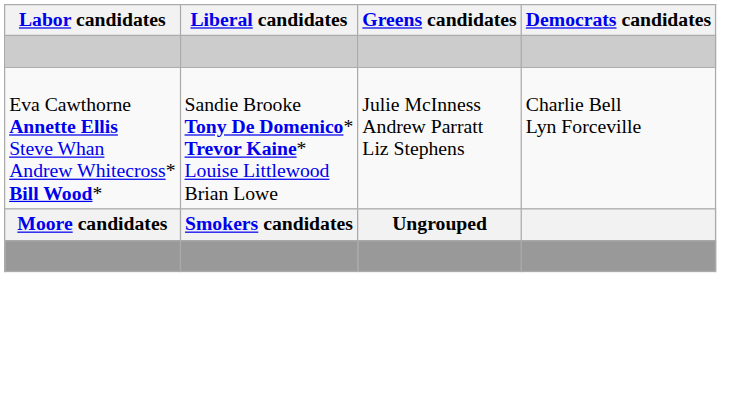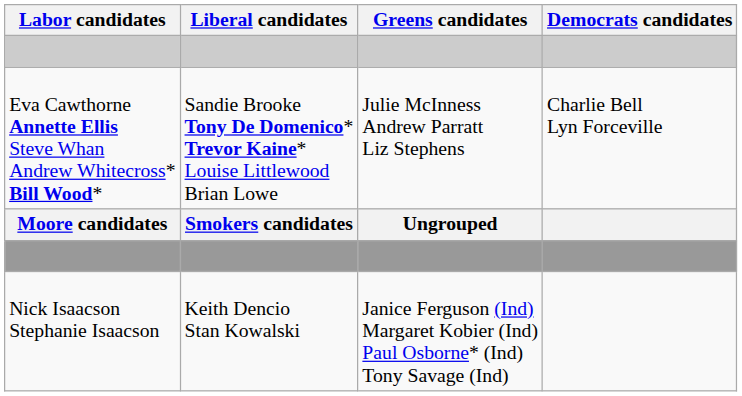 <table class="wikitable">
 <tr>
 <th><a href='#'>Labor</a> candidates</th>
 <th><a href='#'>Liberal</a> candidates</th>
 <th><a href='#'>Greens</a> candidates</th>
 <th><a href='#'>Democrats</a> candidates</th>
 </tr>
 <tr bgcolor="#cccccc">
 <td></td>
 <td></td>
 <td></td>
 <td> </td>
 </tr>
 <tr>
 <td><br>Eva Cawthorne <br> <strong><a href='#'>Annette Ellis</a></strong> <br> <a href='#'>Steve Whan</a> <br> <a href='#'>Andrew Whitecross</a>* <br> <strong><a href='#'>Bill Wood</a></strong>*</td>
 <td><br>Sandie Brooke <br> <strong><a href='#'>Tony De Domenico</a></strong>* <br> <strong><a href='#'>Trevor Kaine</a></strong>* <br> <a href='#'>Louise Littlewood</a> <br> Brian Lowe</td>
 <td valign=top><br>Julie McInness <br> Andrew Parratt <br> Liz Stephens</td>
 <td valign=top><br>Charlie Bell <br> Lyn Forceville</td>
 </tr>
 <tr bgcolor="#cccccc">
 <th><a href='#'>Moore</a> candidates</th>
 <th><a href='#'>Smokers</a> candidates</th>
 <th>Ungrouped</th>
 <th></th>
 </tr>
 <tr bgcolor="#cccccc">
 <td bgcolor="#999999"></td>
 <td bgcolor="#999999"></td>
 <td bgcolor="#999999"></td>
 <td bgcolor="#999999"> </td>
 </tr>
+<tr>
+<td valign=top><br>Nick Isaacson <br> Stephanie Isaacson</td>
+<td valign=top><br>Keith Dencio <br> Stan Kowalski</td>
+<td><br>Janice Ferguson <a href='#'>(Ind)</a> <br> Margaret Kobier (Ind) <br> <a href='#'>Paul Osborne</a>* (Ind) <br> Tony Savage (Ind)</td>
+<td valign=top></td>
+</tr>
 </table>
